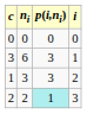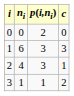 <table class="wikitable" style="text-align:center">
 <tr>
-<th style="background:#ffc"><em>c</em></th>
+<th style="background:#ffc"><em>i</em></th>
 <th style="background:#ffc"><em>n<sub>i</sub></em></th>
 <th style="background:#ffc"><em>p</em>(<em>i,n<sub>i</sub></em>)</th>
-<th style="background:#ffc"><em>i</em></th>
+<th style="background:#ffc"><em>c</em></th>
 </tr>
 <tr>
 <td>0</td>
 <td>0</td>
-<td>0</td>
+<td>2</td>
 <td>0</td>
 </tr>
 <tr>
+<td>1</td>
+<td>6</td>
 <td>3</td>
-<td>6</td>
+<td>3</td>
+</tr>
+<tr>
+<td>2</td>
+<td>4</td>
 <td>3</td>
 <td>1</td>
 </tr>
 <tr>
+<td>3</td>
 <td>1</td>
-<td>3</td>
-<td>3</td>
+<td>1</td>
 <td>2</td>
 </tr>
-<tr>
-<td>2</td>
-<td>2</td>
-<td style="background: paleturquoise;">1</td>
-<td>3</td>
-</tr>
 </table>
